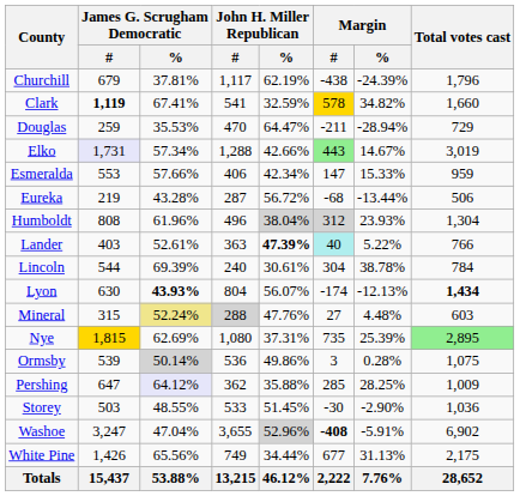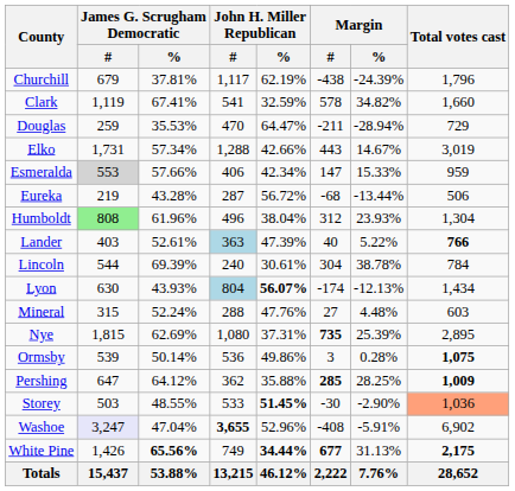 <table class="wikitable sortable" style="text-align:center">
 <tr>
 <th rowspan="2">County</th>
 <th style="text-align:center;" colspan="2">James G. Scrugham<br>Democratic</th>
 <th style="text-align:center;" colspan="2">John H. Miller<br>Republican</th>
 <th style="text-align:center;" colspan="2">Margin</th>
 <th style="text-align:center;" rowspan="2">Total votes cast</th>
 </tr>
 <tr>
 <th style="text-align:center;" data-sort-type="number">#</th>
 <th style="text-align:center;" data-sort-type="number">%</th>
 <th style="text-align:center;" data-sort-type="number">#</th>
 <th style="text-align:center;" data-sort-type="number">%</th>
 <th style="text-align:center;" data-sort-type="number">#</th>
 <th style="text-align:center;" data-sort-type="number">%</th>
 </tr>
 <tr style="text-align:center;">
 <td><a href='#'>Churchill</a></td>
 <td>679</td>
 <td>37.81%</td>
 <td>1,117</td>
 <td>62.19%</td>
 <td>-438</td>
 <td>-24.39%</td>
 <td>1,796</td>
 </tr>
 <tr style="text-align:center;">
 <td><a href='#'>Clark</a></td>
-<td><strong>1,119</strong></td>
+<td>1,119</td>
 <td>67.41%</td>
 <td>541</td>
 <td>32.59%</td>
-<td style="background: gold;">578</td>
+<td>578</td>
 <td>34.82%</td>
 <td>1,660</td>
 </tr>
 <tr style="text-align:center;">
 <td><a href='#'>Douglas</a></td>
 <td>259</td>
 <td>35.53%</td>
 <td>470</td>
 <td>64.47%</td>
 <td>-211</td>
 <td>-28.94%</td>
 <td>729</td>
 </tr>
 <tr style="text-align:center;">
 <td><a href='#'>Elko</a></td>
-<td style="background: lavender;">1,731</td>
+<td>1,731</td>
 <td>57.34%</td>
 <td>1,288</td>
 <td>42.66%</td>
-<td style="background: lightgreen;">443</td>
+<td>443</td>
 <td>14.67%</td>
 <td>3,019</td>
 </tr>
 <tr style="text-align:center;">
 <td><a href='#'>Esmeralda</a></td>
-<td>553</td>
+<td style="background: lightgrey;">553</td>
 <td>57.66%</td>
 <td>406</td>
 <td>42.34%</td>
 <td>147</td>
 <td>15.33%</td>
 <td>959</td>
 </tr>
 <tr style="text-align:center;">
 <td><a href='#'>Eureka</a></td>
 <td>219</td>
 <td>43.28%</td>
 <td>287</td>
 <td>56.72%</td>
 <td>-68</td>
 <td>-13.44%</td>
 <td>506</td>
 </tr>
 <tr style="text-align:center;">
 <td><a href='#'>Humboldt</a></td>
-<td>808</td>
+<td style="background: lightgreen;">808</td>
 <td>61.96%</td>
 <td>496</td>
-<td style="background: lightgrey;">38.04%</td>
-<td style="background: lightgrey;">312</td>
+<td>38.04%</td>
+<td>312</td>
 <td>23.93%</td>
 <td>1,304</td>
 </tr>
 <tr style="text-align:center;">
 <td><a href='#'>Lander</a></td>
 <td>403</td>
 <td>52.61%</td>
-<td>363</td>
-<td><strong>47.39%</strong></td>
-<td style="background: paleturquoise;">40</td>
+<td style="background: lightblue;">363</td>
+<td>47.39%</td>
+<td>40</td>
 <td>5.22%</td>
-<td>766</td>
+<td><strong>766</strong></td>
 </tr>
 <tr style="text-align:center;">
 <td><a href='#'>Lincoln</a></td>
 <td>544</td>
 <td>69.39%</td>
 <td>240</td>
 <td>30.61%</td>
 <td>304</td>
 <td>38.78%</td>
 <td>784</td>
 </tr>
 <tr style="text-align:center;">
 <td><a href='#'>Lyon</a></td>
 <td>630</td>
-<td><strong>43.93%</strong></td>
-<td>804</td>
-<td>56.07%</td>
+<td>43.93%</td>
+<td style="background: lightblue;">804</td>
+<td><strong>56.07%</strong></td>
 <td>-174</td>
 <td>-12.13%</td>
-<td><strong>1,434</strong></td>
+<td>1,434</td>
 </tr>
 <tr style="text-align:center;">
 <td><a href='#'>Mineral</a></td>
 <td>315</td>
-<td style="background: khaki;">52.24%</td>
-<td style="background: lightgrey;">288</td>
+<td>52.24%</td>
+<td>288</td>
 <td>47.76%</td>
 <td>27</td>
 <td>4.48%</td>
 <td>603</td>
 </tr>
 <tr style="text-align:center;">
 <td><a href='#'>Nye</a></td>
-<td style="background: gold;">1,815</td>
+<td>1,815</td>
 <td>62.69%</td>
 <td>1,080</td>
 <td>37.31%</td>
-<td>735</td>
+<td><strong>735</strong></td>
 <td>25.39%</td>
-<td style="background: lightgreen;">2,895</td>
+<td>2,895</td>
 </tr>
 <tr style="text-align:center;">
 <td><a href='#'>Ormsby</a></td>
 <td>539</td>
-<td style="background: lightgrey;">50.14%</td>
+<td>50.14%</td>
 <td>536</td>
 <td>49.86%</td>
 <td>3</td>
 <td>0.28%</td>
-<td>1,075</td>
+<td><strong>1,075</strong></td>
 </tr>
 <tr style="text-align:center;">
 <td><a href='#'>Pershing</a></td>
 <td>647</td>
-<td style="background: lavender;">64.12%</td>
+<td>64.12%</td>
 <td>362</td>
 <td>35.88%</td>
-<td>285</td>
+<td><strong>285</strong></td>
 <td>28.25%</td>
-<td>1,009</td>
+<td><strong>1,009</strong></td>
 </tr>
 <tr style="text-align:center;">
 <td><a href='#'>Storey</a></td>
 <td>503</td>
 <td>48.55%</td>
 <td>533</td>
-<td>51.45%</td>
+<td><strong>51.45%</strong></td>
 <td>-30</td>
 <td>-2.90%</td>
-<td>1,036</td>
+<td style="background: lightsalmon;">1,036</td>
 </tr>
 <tr style="text-align:center;">
 <td><a href='#'>Washoe</a></td>
-<td>3,247</td>
+<td style="background: lavender;">3,247</td>
 <td>47.04%</td>
-<td>3,655</td>
-<td style="background: lightgrey;">52.96%</td>
-<td><strong>-408</strong></td>
+<td><strong>3,655</strong></td>
+<td>52.96%</td>
+<td>-408</td>
 <td>-5.91%</td>
 <td>6,902</td>
 </tr>
 <tr style="text-align:center;">
 <td><a href='#'>White Pine</a></td>
 <td>1,426</td>
-<td>65.56%</td>
+<td><strong>65.56%</strong></td>
 <td>749</td>
-<td>34.44%</td>
-<td>677</td>
+<td><strong>34.44%</strong></td>
+<td><strong>677</strong></td>
 <td>31.13%</td>
-<td>2,175</td>
+<td><strong>2,175</strong></td>
 </tr>
 <tr style="text-align:center;">
 <th>Totals</th>
 <th>15,437</th>
 <th>53.88%</th>
 <th>13,215</th>
 <th>46.12%</th>
 <th>2,222</th>
 <th>7.76%</th>
 <th>28,652</th>
 </tr>
 </table>
